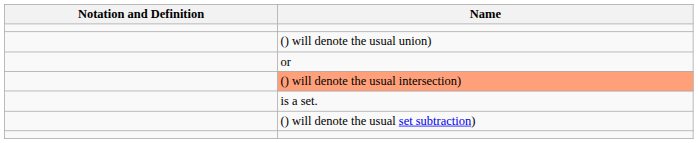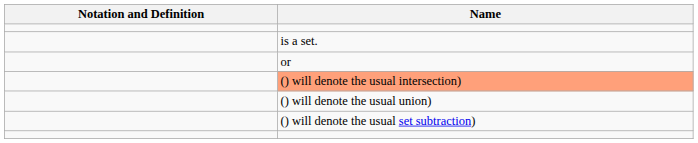 <table class="wikitable" style="width: 100%;">
 <tr>
 <th>Notation and Definition</th>
 <th>Name</th>
 </tr>
 <tr>
 <td style="padding:0.5% 0 0.5% 2em;"></td>
 <td></td>
 </tr>
 <tr>
 <td style="padding:0.5% 0 0.5% 2em;"></td>
-<td> ()  will denote the usual union)</td>
+<td> is a set.</td>
 </tr>
 <tr>
 <td style="padding:0.5% 0 0.5% 2em;"></td>
 <td> or </td>
 </tr>
 <tr>
 <td style="padding:0.5% 0 0.5% 2em;"></td>
 <td style="background: lightsalmon;"> ()  will denote the usual intersection)</td>
 </tr>
 <tr>
 <td style="padding:0.5% 0 0.5% 2em;"></td>
-<td> is a set.</td>
+<td> ()  will denote the usual union)</td>
 </tr>
 <tr>
 <td style="padding:0.5% 0 0.5% 2em;"></td>
 <td> ()  will denote the usual <a href='#'>set subtraction</a>)</td>
 </tr>
 <tr>
 <td style="padding:0.5% 0 0.5% 2em;"></td>
 <td></td>
 </tr>
 </table>
